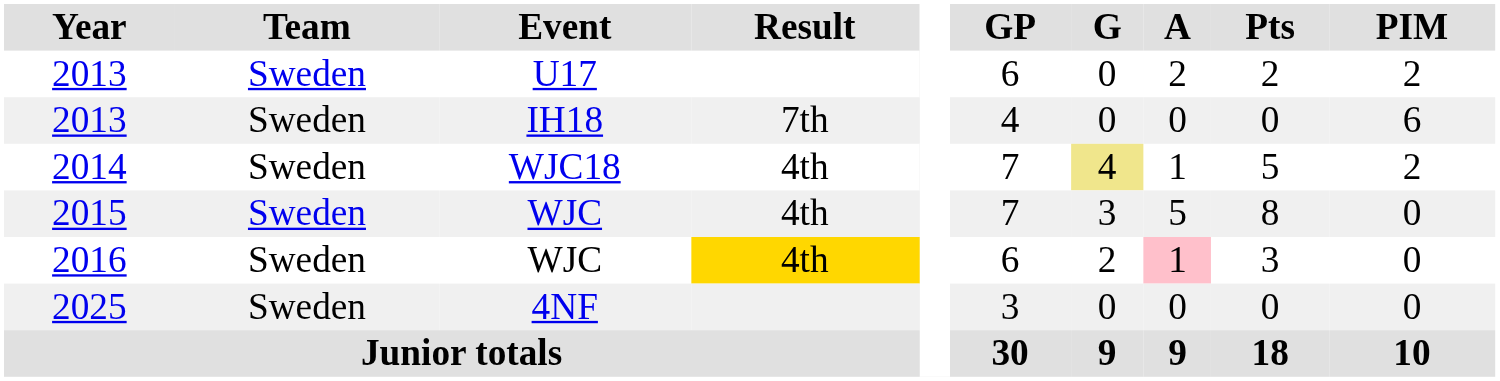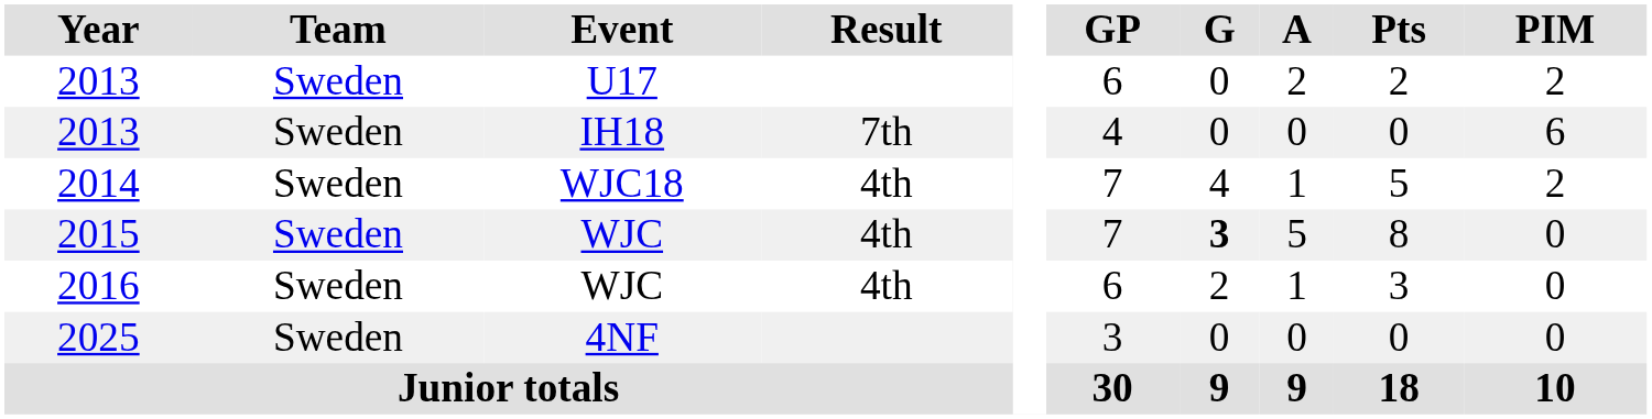 <table border="0" cellpadding="1" cellspacing="0" style="text-align:center; width:40em;">
 <tr bgcolor="#e0e0e0">
 <th>Year</th>
 <th>Team</th>
 <th>Event</th>
 <th>Result</th>
 <th rowspan="99" bgcolor="#ffffff"> </th>
 <th>GP</th>
 <th>G</th>
 <th>A</th>
 <th>Pts</th>
 <th>PIM</th>
 </tr>
 <tr>
 <td><a href='#'>2013</a></td>
 <td><a href='#'>Sweden</a></td>
 <td><a href='#'>U17</a></td>
 <td></td>
 <td>6</td>
 <td>0</td>
 <td>2</td>
 <td>2</td>
 <td>2</td>
 </tr>
 <tr bgcolor="#f0f0f0">
 <td><a href='#'>2013</a></td>
 <td>Sweden</td>
 <td><a href='#'>IH18</a></td>
 <td>7th</td>
 <td>4</td>
 <td>0</td>
 <td>0</td>
 <td>0</td>
 <td>6</td>
 </tr>
 <tr>
 <td><a href='#'>2014</a></td>
 <td>Sweden</td>
 <td><a href='#'>WJC18</a></td>
 <td>4th</td>
 <td>7</td>
-<td style="background: khaki;">4</td>
+<td>4</td>
 <td>1</td>
 <td>5</td>
 <td>2</td>
 </tr>
 <tr bgcolor="#f0f0f0">
 <td><a href='#'>2015</a></td>
 <td><a href='#'>Sweden</a></td>
 <td><a href='#'>WJC</a></td>
 <td>4th</td>
 <td>7</td>
-<td>3</td>
+<td><strong>3</strong></td>
 <td>5</td>
 <td>8</td>
 <td>0</td>
 </tr>
 <tr>
 <td><a href='#'>2016</a></td>
 <td>Sweden</td>
 <td>WJC</td>
-<td style="background: gold;">4th</td>
+<td>4th</td>
 <td>6</td>
 <td>2</td>
-<td style="background: pink;">1</td>
+<td>1</td>
 <td>3</td>
 <td>0</td>
 </tr>
 <tr bgcolor="#f0f0f0">
 <td><a href='#'>2025</a></td>
 <td>Sweden</td>
 <td><a href='#'>4NF</a></td>
 <td></td>
 <td>3</td>
 <td>0</td>
 <td>0</td>
 <td>0</td>
 <td>0</td>
 </tr>
 <tr bgcolor="#e0e0e0">
 <th colspan="4">Junior totals</th>
 <th>30</th>
 <th>9</th>
 <th>9</th>
 <th>18</th>
 <th>10</th>
 </tr>
 </table>
